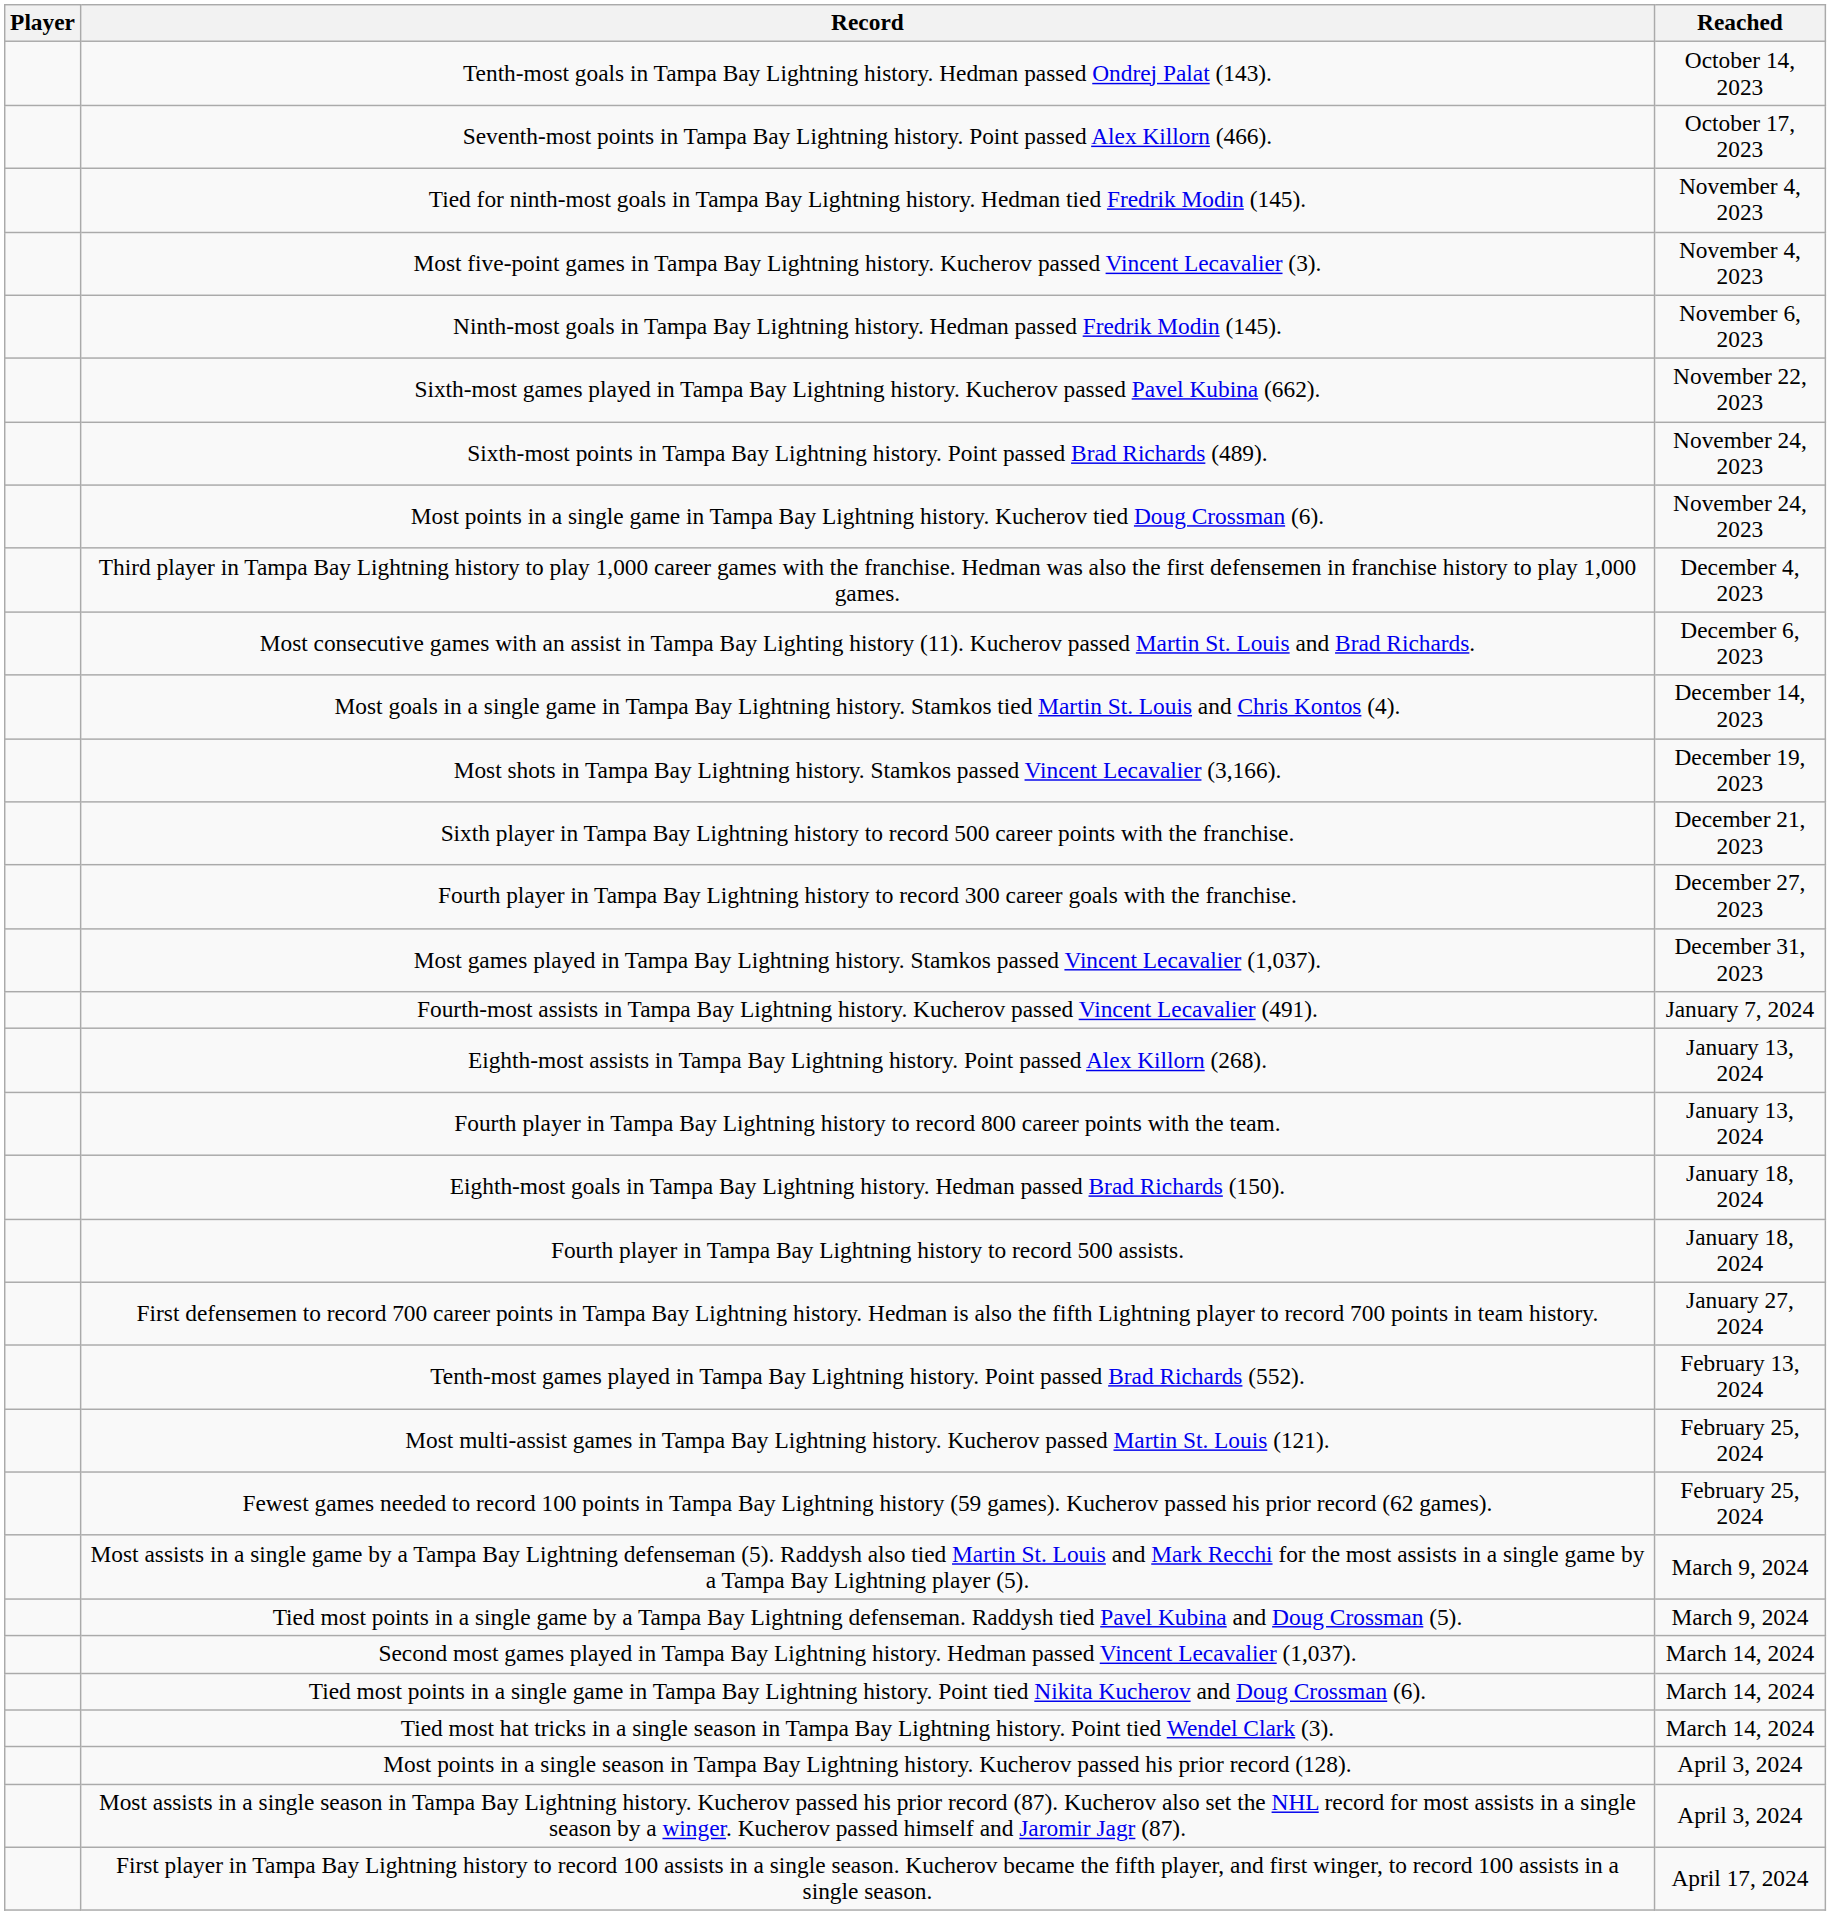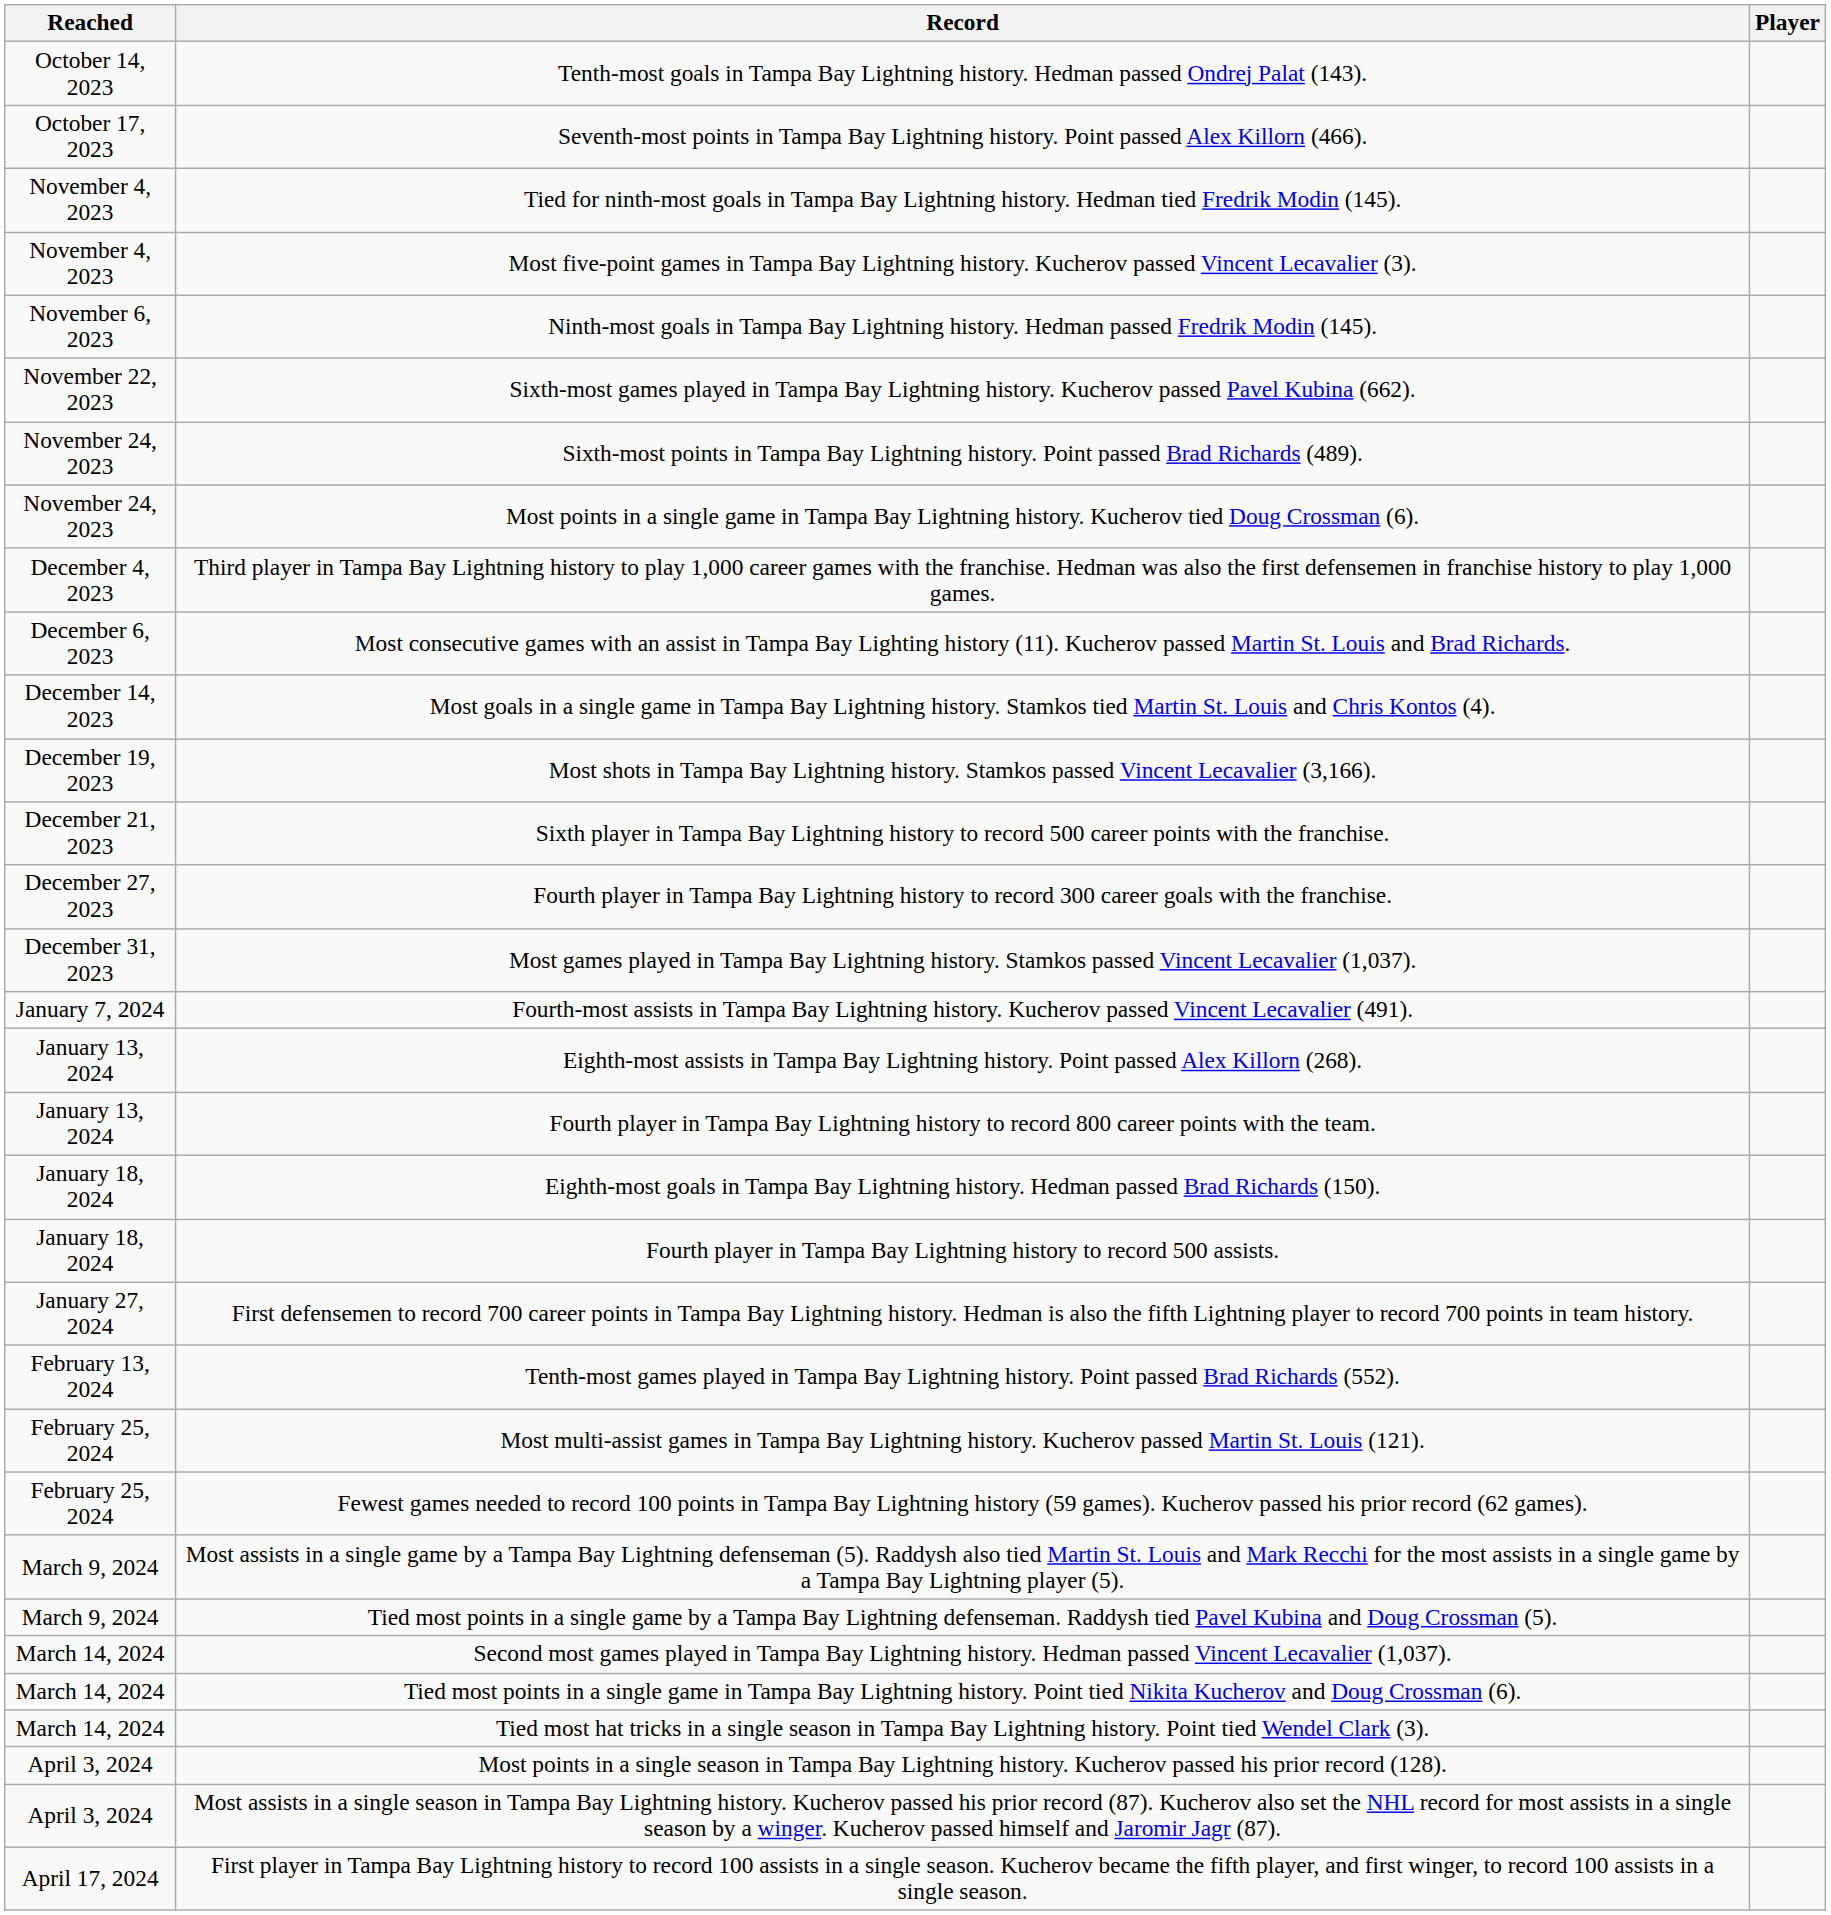 <table class="wikitable sortable" style="text-align:center;">
 <tr>
+<th>Reached</th>
+<th>Record</th>
 <th>Player</th>
-<th>Record</th>
-<th>Reached</th>
 </tr>
 <tr>
+<td>October 14, 2023</td>
+<td>Tenth-most goals in Tampa Bay Lightning history. Hedman passed <a href='#'>Ondrej Palat</a> (143).</td>
 <td></td>
-<td>Tenth-most goals in Tampa Bay Lightning history. Hedman passed <a href='#'>Ondrej Palat</a> (143).</td>
-<td>October 14, 2023</td>
 </tr>
 <tr>
+<td>October 17, 2023</td>
+<td>Seventh-most points in Tampa Bay Lightning history. Point passed <a href='#'>Alex Killorn</a> (466).</td>
 <td></td>
-<td>Seventh-most points in Tampa Bay Lightning history. Point passed <a href='#'>Alex Killorn</a> (466).</td>
-<td>October 17, 2023</td>
 </tr>
 <tr>
+<td>November 4, 2023</td>
+<td>Tied for ninth-most goals in Tampa Bay Lightning history. Hedman tied <a href='#'>Fredrik Modin</a> (145).</td>
 <td></td>
-<td>Tied for ninth-most goals in Tampa Bay Lightning history. Hedman tied <a href='#'>Fredrik Modin</a> (145).</td>
-<td>November 4, 2023</td>
 </tr>
 <tr>
+<td>November 4, 2023</td>
+<td>Most five-point games in Tampa Bay Lightning history. Kucherov passed <a href='#'>Vincent Lecavalier</a> (3).</td>
 <td></td>
-<td>Most five-point games in Tampa Bay Lightning history. Kucherov passed <a href='#'>Vincent Lecavalier</a> (3).</td>
-<td>November 4, 2023</td>
 </tr>
 <tr>
+<td>November 6, 2023</td>
+<td>Ninth-most goals in Tampa Bay Lightning history. Hedman passed <a href='#'>Fredrik Modin</a> (145).</td>
 <td></td>
-<td>Ninth-most goals in Tampa Bay Lightning history. Hedman passed <a href='#'>Fredrik Modin</a> (145).</td>
-<td>November 6, 2023</td>
 </tr>
 <tr>
+<td>November 22, 2023</td>
+<td>Sixth-most games played in Tampa Bay Lightning history. Kucherov passed <a href='#'>Pavel Kubina</a> (662).</td>
 <td></td>
-<td>Sixth-most games played in Tampa Bay Lightning history. Kucherov passed <a href='#'>Pavel Kubina</a> (662).</td>
-<td>November 22, 2023</td>
 </tr>
 <tr>
+<td>November 24, 2023</td>
+<td>Sixth-most points in Tampa Bay Lightning history. Point passed <a href='#'>Brad Richards</a> (489).</td>
 <td></td>
-<td>Sixth-most points in Tampa Bay Lightning history. Point passed <a href='#'>Brad Richards</a> (489).</td>
-<td>November 24, 2023</td>
 </tr>
 <tr>
+<td>November 24, 2023</td>
+<td>Most points in a single game in Tampa Bay Lightning history. Kucherov tied <a href='#'>Doug Crossman</a> (6).</td>
 <td></td>
-<td>Most points in a single game in Tampa Bay Lightning history. Kucherov tied <a href='#'>Doug Crossman</a> (6).</td>
-<td>November 24, 2023</td>
 </tr>
 <tr>
+<td>December 4, 2023</td>
+<td>Third player in Tampa Bay Lightning history to play 1,000 career games with the franchise. Hedman was also the first defensemen in franchise history to play 1,000 games.</td>
 <td></td>
-<td>Third player in Tampa Bay Lightning history to play 1,000 career games with the franchise. Hedman was also the first defensemen in franchise history to play 1,000 games.</td>
-<td>December 4, 2023</td>
 </tr>
 <tr>
+<td>December 6, 2023</td>
+<td>Most consecutive games with an assist in Tampa Bay Lighting history (11). Kucherov passed <a href='#'>Martin St. Louis</a> and <a href='#'>Brad Richards</a>.</td>
 <td></td>
-<td>Most consecutive games with an assist in Tampa Bay Lighting history (11). Kucherov passed <a href='#'>Martin St. Louis</a> and <a href='#'>Brad Richards</a>.</td>
-<td>December 6, 2023</td>
 </tr>
 <tr>
+<td>December 14, 2023</td>
+<td>Most goals in a single game in Tampa Bay Lightning history. Stamkos tied <a href='#'>Martin St. Louis</a> and <a href='#'>Chris Kontos</a> (4).</td>
 <td></td>
-<td>Most goals in a single game in Tampa Bay Lightning history. Stamkos tied <a href='#'>Martin St. Louis</a> and <a href='#'>Chris Kontos</a> (4).</td>
-<td>December 14, 2023</td>
 </tr>
 <tr>
+<td>December 19, 2023</td>
+<td>Most shots in Tampa Bay Lightning history. Stamkos passed <a href='#'>Vincent Lecavalier</a> (3,166).</td>
 <td></td>
-<td>Most shots in Tampa Bay Lightning history. Stamkos passed <a href='#'>Vincent Lecavalier</a> (3,166).</td>
-<td>December 19, 2023</td>
 </tr>
 <tr>
+<td>December 21, 2023</td>
+<td>Sixth player in Tampa Bay Lightning history to record 500 career points with the franchise.</td>
 <td></td>
-<td>Sixth player in Tampa Bay Lightning history to record 500 career points with the franchise.</td>
-<td>December 21, 2023</td>
 </tr>
 <tr>
+<td>December 27, 2023</td>
+<td>Fourth player in Tampa Bay Lightning history to record 300 career goals with the franchise.</td>
 <td></td>
-<td>Fourth player in Tampa Bay Lightning history to record 300 career goals with the franchise.</td>
-<td>December 27, 2023</td>
 </tr>
 <tr>
+<td>December 31, 2023</td>
+<td>Most games played in Tampa Bay Lightning history. Stamkos passed <a href='#'>Vincent Lecavalier</a> (1,037).</td>
 <td></td>
-<td>Most games played in Tampa Bay Lightning history. Stamkos passed <a href='#'>Vincent Lecavalier</a> (1,037).</td>
-<td>December 31, 2023</td>
 </tr>
 <tr>
+<td>January 7, 2024</td>
+<td>Fourth-most assists in Tampa Bay Lightning history. Kucherov passed <a href='#'>Vincent Lecavalier</a> (491).</td>
 <td></td>
-<td>Fourth-most assists in Tampa Bay Lightning history. Kucherov passed <a href='#'>Vincent Lecavalier</a> (491).</td>
-<td>January 7, 2024</td>
 </tr>
 <tr>
+<td>January 13, 2024</td>
+<td>Eighth-most assists in Tampa Bay Lightning history. Point passed <a href='#'>Alex Killorn</a> (268).</td>
 <td></td>
-<td>Eighth-most assists in Tampa Bay Lightning history. Point passed <a href='#'>Alex Killorn</a> (268).</td>
-<td>January 13, 2024</td>
 </tr>
 <tr>
+<td>January 13, 2024</td>
+<td>Fourth player in Tampa Bay Lightning history to record 800 career points with the team.</td>
 <td></td>
-<td>Fourth player in Tampa Bay Lightning history to record 800 career points with the team.</td>
-<td>January 13, 2024</td>
 </tr>
 <tr>
+<td>January 18, 2024</td>
+<td>Eighth-most goals in Tampa Bay Lightning history. Hedman passed <a href='#'>Brad Richards</a> (150).</td>
 <td></td>
-<td>Eighth-most goals in Tampa Bay Lightning history. Hedman passed <a href='#'>Brad Richards</a> (150).</td>
-<td>January 18, 2024</td>
 </tr>
 <tr>
+<td>January 18, 2024</td>
+<td>Fourth player in Tampa Bay Lightning history to record 500 assists.</td>
 <td></td>
-<td>Fourth player in Tampa Bay Lightning history to record 500 assists.</td>
-<td>January 18, 2024</td>
 </tr>
 <tr>
+<td>January 27, 2024</td>
+<td>First defensemen to record 700 career points in Tampa Bay Lightning history. Hedman is also the fifth Lightning player to record 700 points in team history.</td>
 <td></td>
-<td>First defensemen to record 700 career points in Tampa Bay Lightning history. Hedman is also the fifth Lightning player to record 700 points in team history.</td>
-<td>January 27, 2024</td>
 </tr>
 <tr>
+<td>February 13, 2024</td>
+<td>Tenth-most games played in Tampa Bay Lightning history. Point passed <a href='#'>Brad Richards</a> (552).</td>
 <td></td>
-<td>Tenth-most games played in Tampa Bay Lightning history. Point passed <a href='#'>Brad Richards</a> (552).</td>
-<td>February 13, 2024</td>
 </tr>
 <tr>
+<td>February 25, 2024</td>
+<td>Most multi-assist games in Tampa Bay Lightning history. Kucherov passed <a href='#'>Martin St. Louis</a> (121).</td>
 <td></td>
-<td>Most multi-assist games in Tampa Bay Lightning history. Kucherov passed <a href='#'>Martin St. Louis</a> (121).</td>
-<td>February 25, 2024</td>
 </tr>
 <tr>
+<td>February 25, 2024</td>
+<td>Fewest games needed to record 100 points in Tampa Bay Lightning history (59 games). Kucherov passed his prior record (62 games).</td>
 <td></td>
-<td>Fewest games needed to record 100 points in Tampa Bay Lightning history (59 games). Kucherov passed his prior record (62 games).</td>
-<td>February 25, 2024</td>
 </tr>
 <tr>
+<td>March 9, 2024</td>
+<td>Most assists in a single game by a Tampa Bay Lightning defenseman (5). Raddysh also tied <a href='#'>Martin St. Louis</a> and <a href='#'>Mark Recchi</a> for the most assists in a single game by a Tampa Bay Lightning player (5).</td>
 <td></td>
-<td>Most assists in a single game by a Tampa Bay Lightning defenseman (5). Raddysh also tied <a href='#'>Martin St. Louis</a> and <a href='#'>Mark Recchi</a> for the most assists in a single game by a Tampa Bay Lightning player (5).</td>
-<td>March 9, 2024</td>
 </tr>
 <tr>
+<td>March 9, 2024</td>
+<td>Tied most points in a single game by a Tampa Bay Lightning defenseman. Raddysh tied <a href='#'>Pavel Kubina</a> and <a href='#'>Doug Crossman</a> (5).</td>
 <td></td>
-<td>Tied most points in a single game by a Tampa Bay Lightning defenseman. Raddysh tied <a href='#'>Pavel Kubina</a> and <a href='#'>Doug Crossman</a> (5).</td>
-<td>March 9, 2024</td>
 </tr>
 <tr>
+<td>March 14, 2024</td>
+<td>Second most games played in Tampa Bay Lightning history. Hedman passed <a href='#'>Vincent Lecavalier</a> (1,037).</td>
 <td></td>
-<td>Second most games played in Tampa Bay Lightning history. Hedman passed <a href='#'>Vincent Lecavalier</a> (1,037).</td>
-<td>March 14, 2024</td>
 </tr>
 <tr>
+<td>March 14, 2024</td>
+<td>Tied most points in a single game in Tampa Bay Lightning history. Point tied <a href='#'>Nikita Kucherov</a> and <a href='#'>Doug Crossman</a> (6).</td>
 <td></td>
-<td>Tied most points in a single game in Tampa Bay Lightning history. Point tied <a href='#'>Nikita Kucherov</a> and <a href='#'>Doug Crossman</a> (6).</td>
-<td>March 14, 2024</td>
 </tr>
 <tr>
+<td>March 14, 2024</td>
+<td>Tied most hat tricks in a single season in Tampa Bay Lightning history. Point tied <a href='#'>Wendel Clark</a> (3).</td>
 <td></td>
-<td>Tied most hat tricks in a single season in Tampa Bay Lightning history. Point tied <a href='#'>Wendel Clark</a> (3).</td>
-<td>March 14, 2024</td>
 </tr>
 <tr>
+<td>April 3, 2024</td>
+<td>Most points in a single season in Tampa Bay Lightning history. Kucherov passed his prior record (128).</td>
 <td></td>
-<td>Most points in a single season in Tampa Bay Lightning history. Kucherov passed his prior record (128).</td>
-<td>April 3, 2024</td>
 </tr>
 <tr>
+<td>April 3, 2024</td>
+<td>Most assists in a single season in Tampa Bay Lightning history. Kucherov passed his prior record (87). Kucherov also set the <a href='#'>NHL</a> record for most assists in a single season by a <a href='#'>winger</a>. Kucherov passed himself and <a href='#'>Jaromir Jagr</a> (87).</td>
 <td></td>
-<td>Most assists in a single season in Tampa Bay Lightning history. Kucherov passed his prior record (87). Kucherov also set the <a href='#'>NHL</a> record for most assists in a single season by a <a href='#'>winger</a>. Kucherov passed himself and <a href='#'>Jaromir Jagr</a> (87).</td>
-<td>April 3, 2024</td>
 </tr>
 <tr>
+<td>April 17, 2024</td>
+<td>First player in Tampa Bay Lightning history to record 100 assists in a single season. Kucherov became the fifth player, and first winger, to record 100 assists in a single season.</td>
 <td></td>
-<td>First player in Tampa Bay Lightning history to record 100 assists in a single season. Kucherov became the fifth player, and first winger, to record 100 assists in a single season.</td>
-<td>April 17, 2024</td>
 </tr>
 </table>
